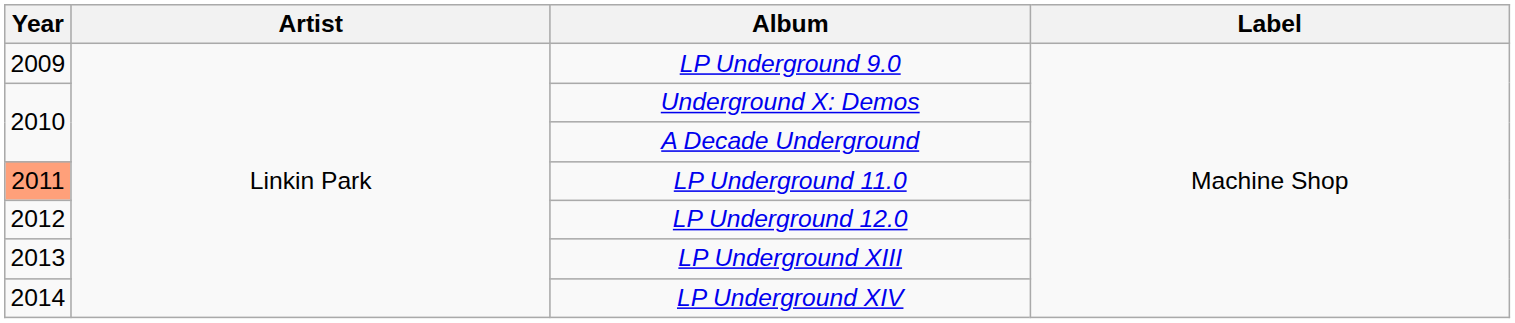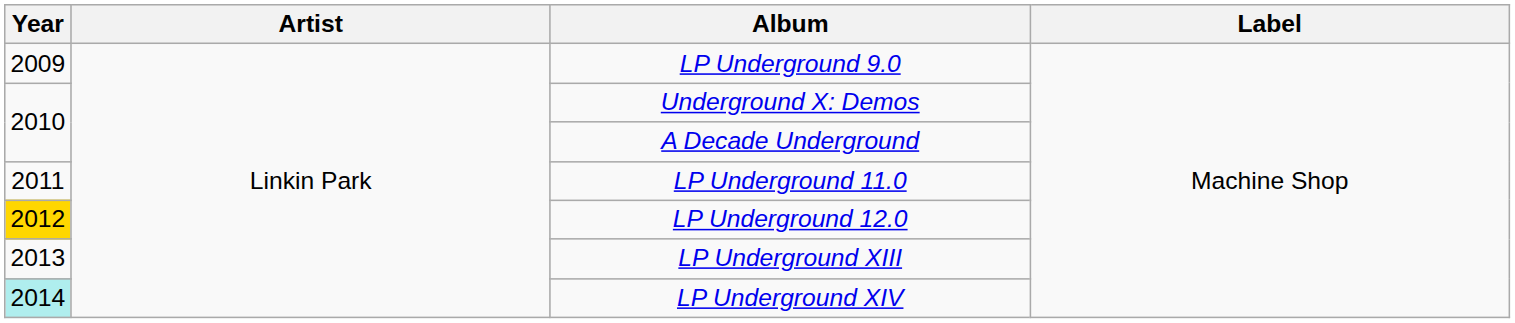 <table class="wikitable plainrowheaders" style="text-align:center;">
 <tr>
 <th rowspan="1">Year</th>
 <th scope="col" style="width:19em;">Artist</th>
 <th scope="col" style="width:19em;">Album</th>
 <th scope="col" style="width:19em;">Label</th>
 </tr>
 <tr>
 <td>2009</td>
 <td rowspan="7">Linkin Park</td>
 <td><em><a href='#'>LP Underground 9.0</a></em></td>
 <td rowspan="7">Machine Shop</td>
 </tr>
 <tr>
 <td rowspan="2">2010</td>
 <td><em><a href='#'>Underground X: Demos</a></em></td>
 </tr>
 <tr>
 <td><em><a href='#'>A Decade Underground</a></em></td>
 </tr>
 <tr>
-<td style="background: lightsalmon;">2011</td>
+<td>2011</td>
 <td><em><a href='#'>LP Underground 11.0</a></em></td>
 </tr>
 <tr>
-<td>2012</td>
+<td style="background: gold;">2012</td>
 <td><em><a href='#'>LP Underground 12.0</a></em></td>
 </tr>
 <tr>
 <td>2013</td>
 <td><a href='#'><em>LP Underground XIII</em></a></td>
 </tr>
 <tr>
-<td>2014</td>
+<td style="background: paleturquoise;">2014</td>
 <td><em><a href='#'>LP Underground XIV</a></em></td>
 </tr>
 </table>
